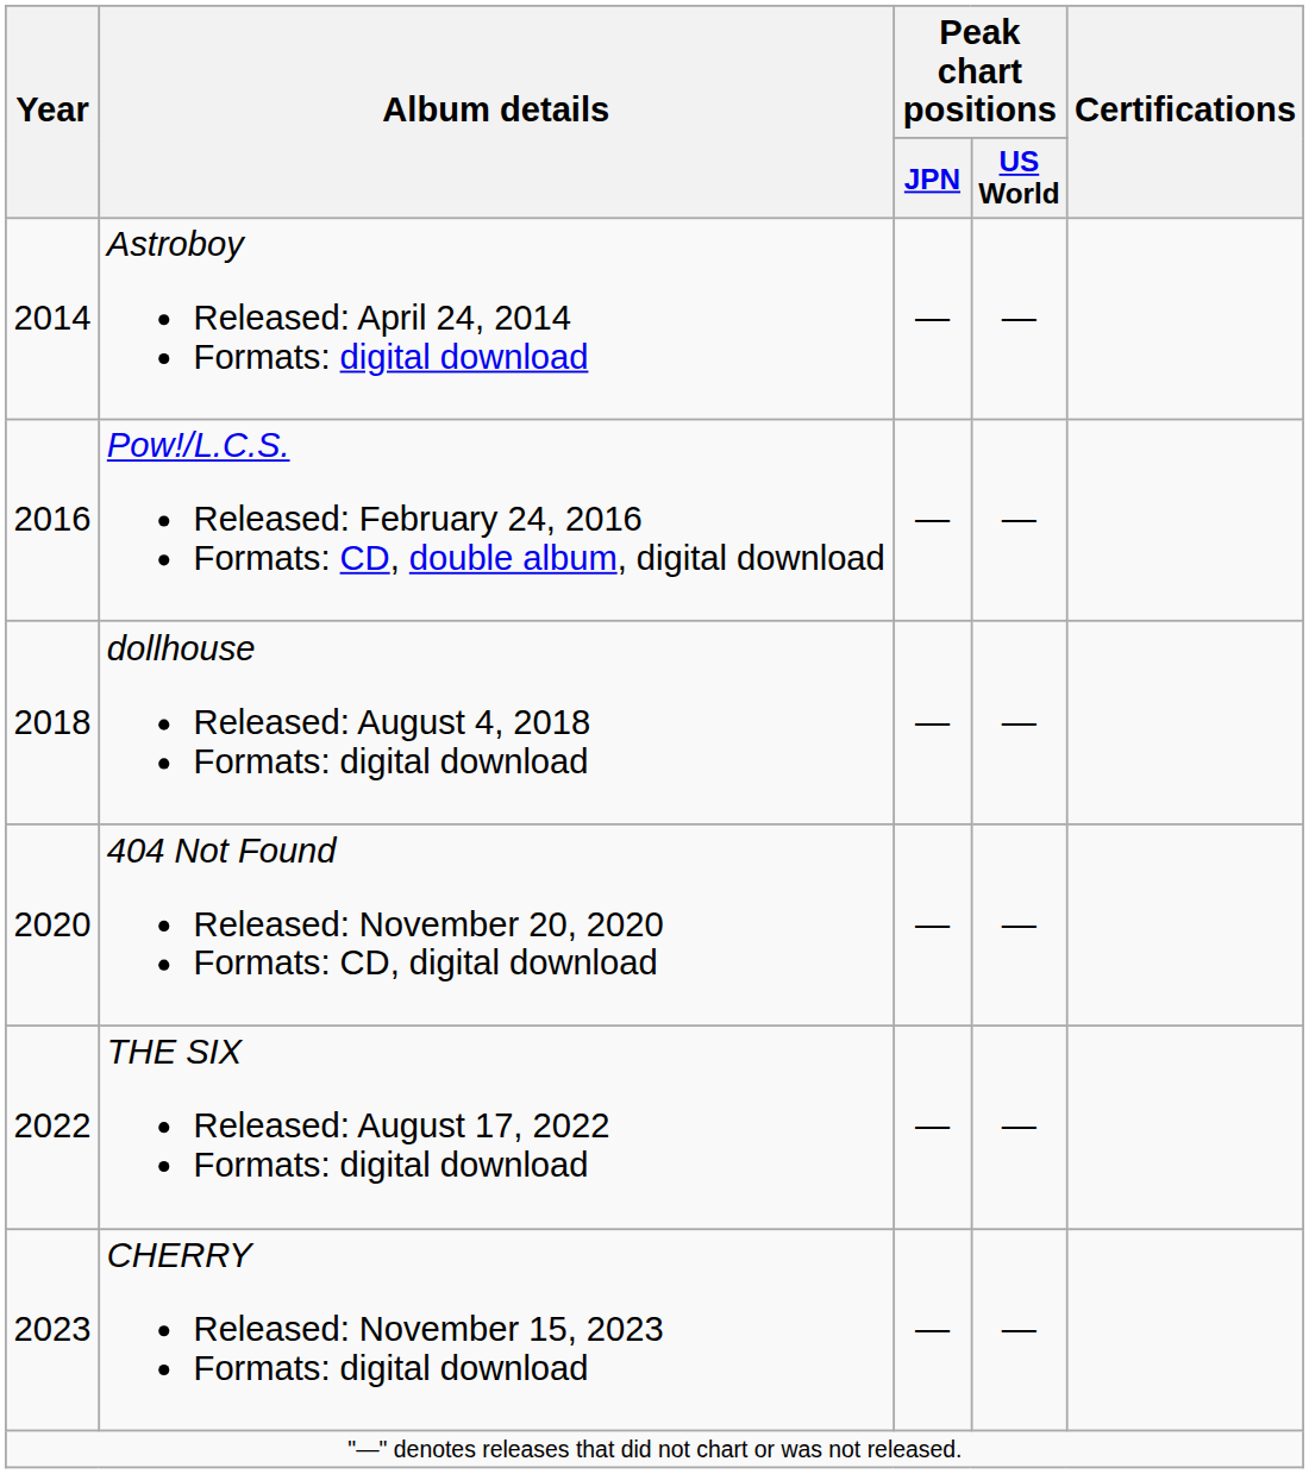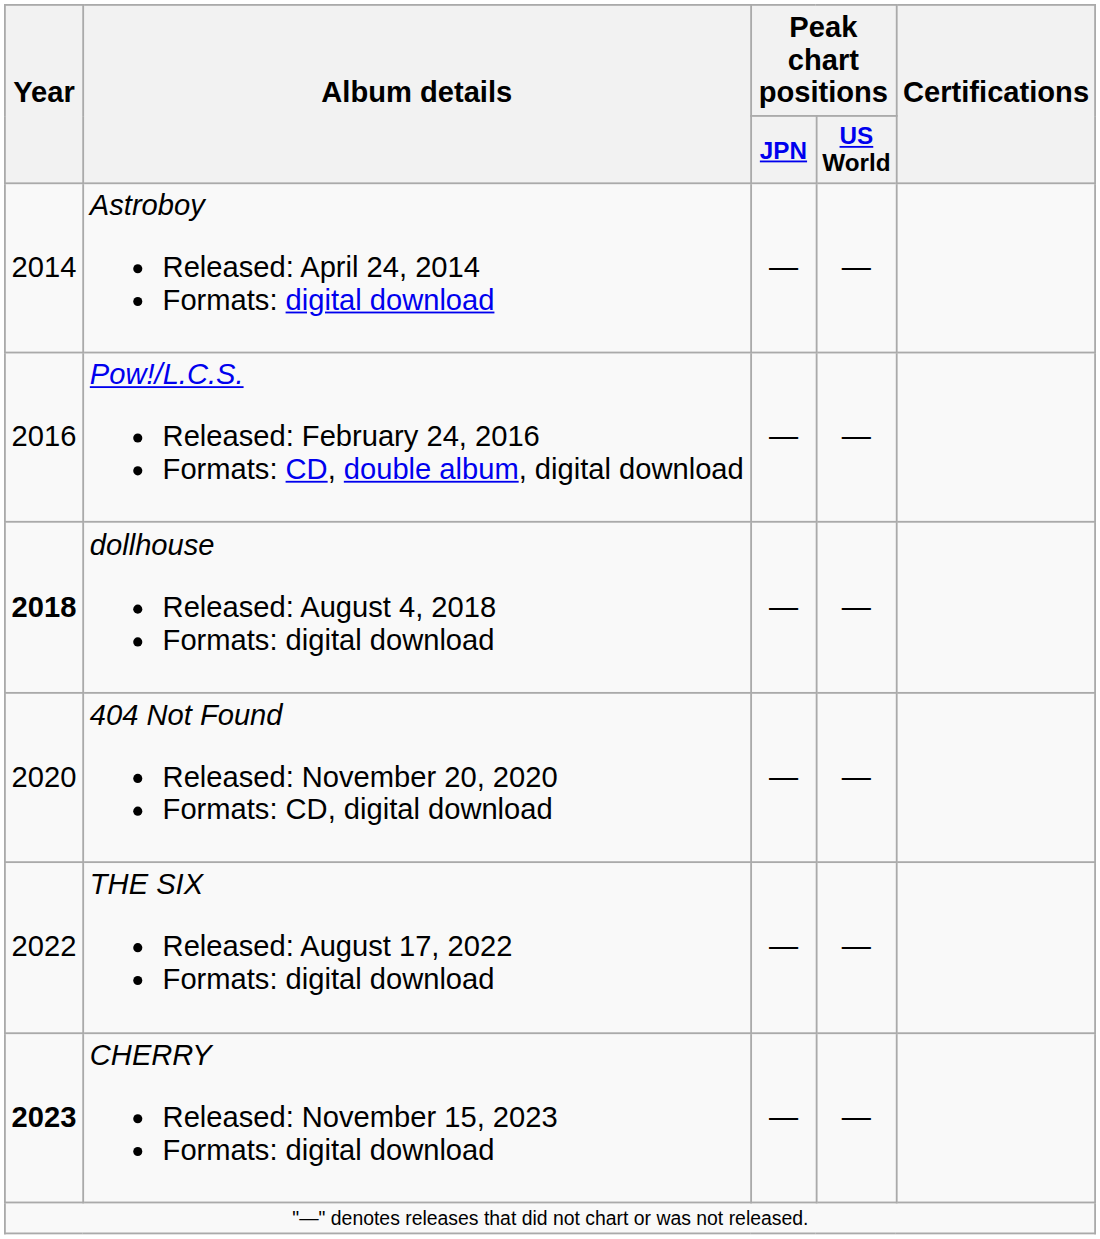 <table class="wikitable" style="text-align:center;">
 <tr>
 <th rowspan="2">Year</th>
 <th rowspan="2">Album details</th>
 <th colspan="2">Peak chart positions</th>
 <th rowspan="2">Certifications</th>
 </tr>
 <tr style="font-size:smaller">
 <th style="width:30px;"><a href='#'>JPN</a></th>
 <th style="width:30px;"><a href='#'>US</a> World</th>
 </tr>
 <tr>
 <td>2014</td>
 <td style="text-align:left;"><em>Astroboy</em><br><ul><li>Released: April 24, 2014</li><li>Formats: <a href='#'>digital download</a></li></ul></td>
 <td>—</td>
 <td>—</td>
 <td></td>
 </tr>
 <tr>
 <td>2016</td>
 <td style="text-align:left;"><em><a href='#'>Pow!/L.C.S.</a></em><br><ul><li>Released: February 24, 2016</li><li>Formats: <a href='#'>CD</a>, <a href='#'>double album</a>, digital download</li></ul></td>
 <td>—</td>
 <td>—</td>
 <td></td>
 </tr>
 <tr>
-<td>2018</td>
+<td><strong>2018</strong></td>
 <td style="text-align:left;"><em>dollhouse</em><br><ul><li>Released: August 4, 2018</li><li>Formats: digital download</li></ul></td>
 <td>—</td>
 <td>—</td>
 <td></td>
 </tr>
 <tr>
 <td>2020</td>
 <td style="text-align:left;"><em>404 Not Found</em><br><ul><li>Released: November 20, 2020</li><li>Formats: CD, digital download</li></ul></td>
 <td>—</td>
 <td>—</td>
 <td></td>
 </tr>
 <tr>
 <td>2022</td>
 <td style="text-align:left;"><em>THE SIX</em><br><ul><li>Released: August 17, 2022</li><li>Formats: digital download</li></ul></td>
 <td>—</td>
 <td>—</td>
 <td></td>
 </tr>
 <tr>
-<td>2023</td>
+<td><strong>2023</strong></td>
 <td style="text-align:left;"><em>CHERRY</em><br><ul><li>Released: November 15, 2023</li><li>Formats: digital download</li></ul></td>
 <td>—</td>
 <td>—</td>
 <td></td>
 </tr>
 <tr>
 <td colspan="20" style="font-size:8pt">"—" denotes releases that did not chart or was not released.</td>
 </tr>
 </table>
